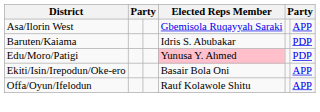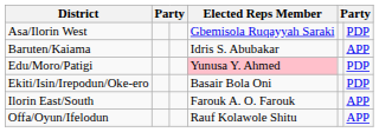 <table class="sortable wikitable" style="font-size:95%;line-height:14px;">
 <tr>
 <th class="unsortable">District</th>
 <th colspan="2">Party</th>
 <th class="unsortable">Elected Reps Member</th>
 <th colspan="2">Party</th>
 </tr>
 <tr>
 <td>Asa/Ilorin West</td>
 <td></td>
 <td></td>
 <td><a href='#'>Gbemisola Ruqayyah Saraki</a></td>
 <td style="background:;"></td>
-<td><a href='#'>APP</a></td>
+<td><a href='#'>PDP</a></td>
 </tr>
 <tr>
 <td>Baruten/Kaiama</td>
 <td></td>
 <td></td>
 <td>Idris S. Abubakar</td>
 <td style="background:"></td>
-<td><a href='#'>PDP</a></td>
+<td><a href='#'>APP</a></td>
 </tr>
 <tr>
 <td>Edu/Moro/Patigi</td>
 <td></td>
 <td></td>
 <td style="background: pink;">Yunusa Y. Ahmed</td>
 <td style="background:"></td>
 <td><a href='#'>PDP</a></td>
 </tr>
 <tr>
 <td>Ekiti/Isin/Irepodun/Oke-ero</td>
 <td></td>
 <td></td>
 <td>Basair Bola Oni</td>
 <td style="background:;"></td>
+<td><a href='#'>PDP</a></td>
+</tr>
+<tr>
+<td>Ilorin East/South</td>
+<td></td>
+<td></td>
+<td>Farouk A. O. Farouk</td>
+<td style="background:;"></td>
 <td><a href='#'>APP</a></td>
 </tr>
 <tr>
 <td>Offa/Oyun/Ifelodun</td>
 <td></td>
 <td></td>
 <td>Rauf Kolawole Shitu</td>
 <td style="background:;"></td>
 <td><a href='#'>APP</a></td>
 </tr>
 </table>
